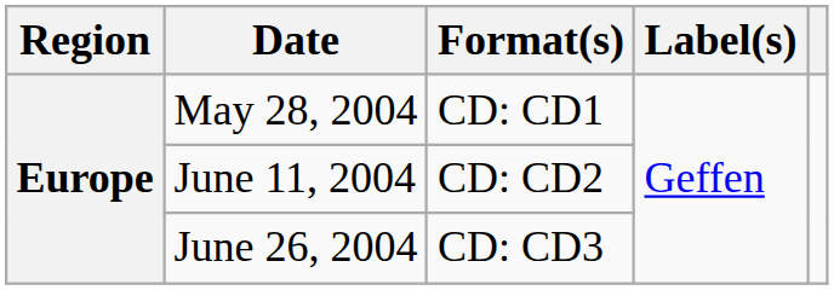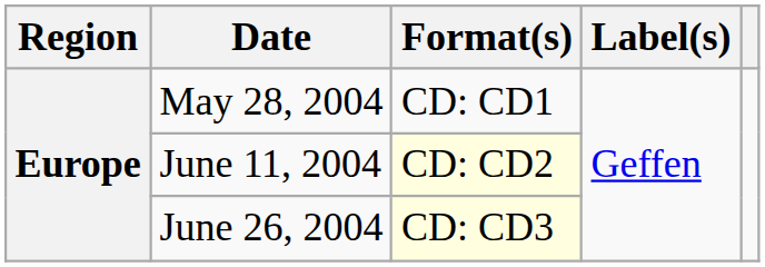 <table class="wikitable plainrowheaders">
 <tr>
 <th scope="col">Region</th>
 <th scope="col">Date</th>
 <th scope="col">Format(s)</th>
 <th scope="col">Label(s)</th>
 <th scope="col"></th>
 </tr>
 <tr>
 <th scope="row" rowspan="3">Europe</th>
 <td>May 28, 2004</td>
 <td>CD: CD1</td>
 <td rowspan="3"><a href='#'>Geffen</a></td>
 <td rowspan="3"></td>
 </tr>
 <tr>
 <td>June 11, 2004</td>
-<td>CD: CD2</td>
+<td style="background: lightyellow;">CD: CD2</td>
 </tr>
 <tr>
 <td>June 26, 2004</td>
-<td>CD: CD3</td>
+<td style="background: lightyellow;">CD: CD3</td>
 </tr>
 </table>
